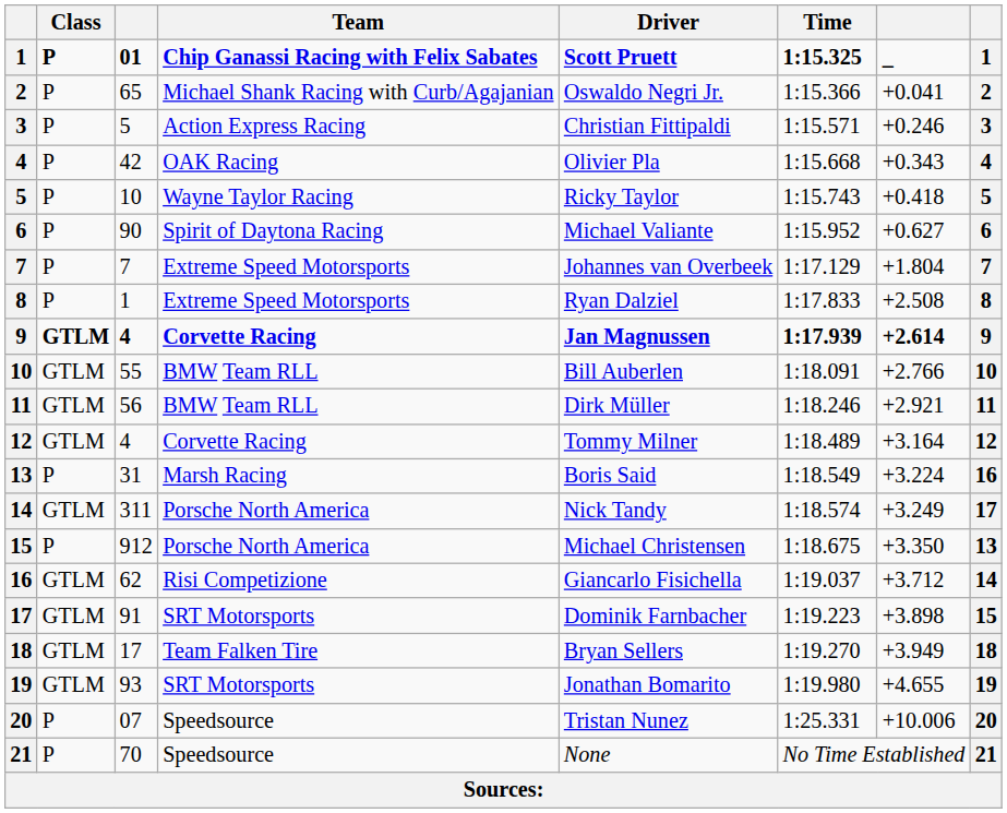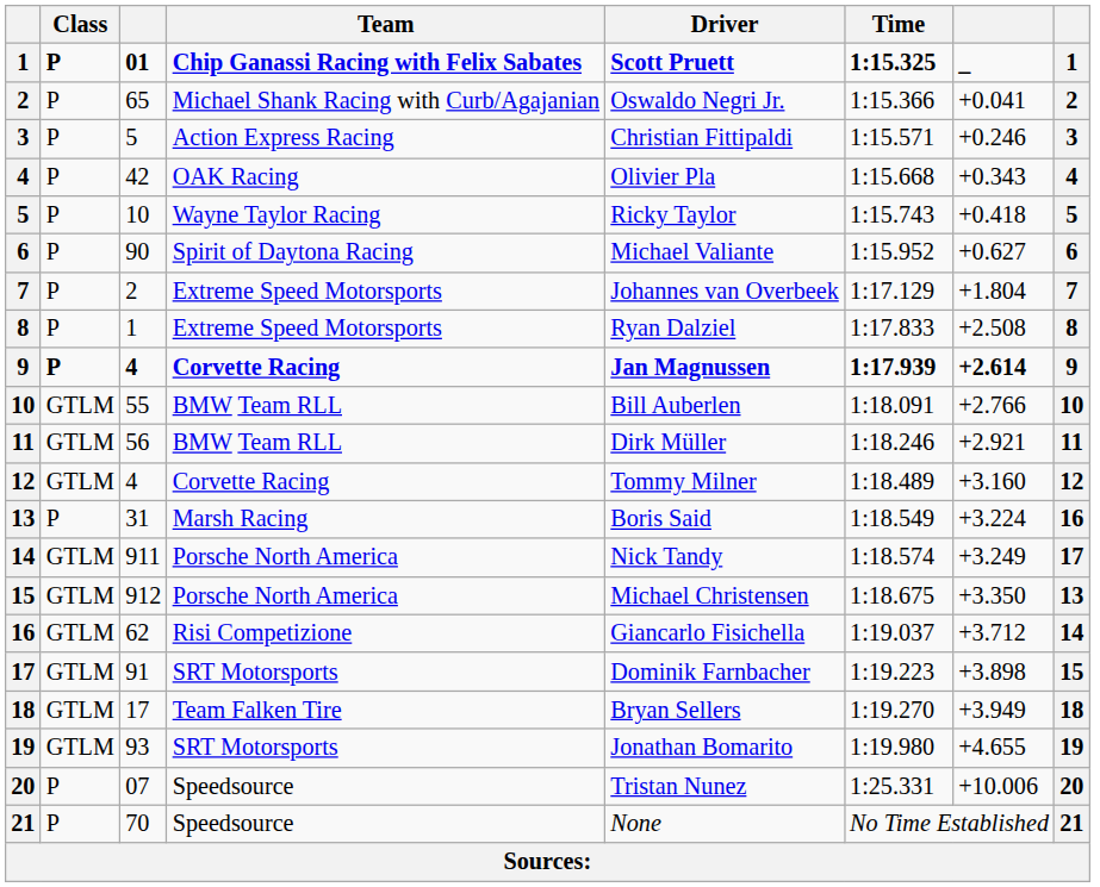 <table class="wikitable">
 <tr>
 <th scope="col"></th>
 <th scope="col">Class</th>
 <th scope="col"></th>
 <th scope="col">Team</th>
 <th>Driver</th>
 <th scope="col">Time</th>
 <th scope="col"></th>
 <th scope="col"></th>
 </tr>
 <tr>
 <th scope="row">1</th>
 <td><strong>P</strong></td>
 <td><strong>01</strong></td>
 <td><strong> <a href='#'>Chip Ganassi Racing with Felix Sabates</a></strong></td>
 <td><strong> <a href='#'>Scott Pruett</a></strong></td>
 <td><strong>1:15.325</strong></td>
 <td><strong>_</strong></td>
 <th><strong>1</strong></th>
 </tr>
 <tr>
 <th scope="row">2</th>
 <td>P</td>
 <td>65</td>
 <td> <a href='#'>Michael Shank Racing</a> with <a href='#'>Curb/Agajanian</a></td>
 <td> <a href='#'>Oswaldo Negri Jr.</a></td>
 <td>1:15.366</td>
 <td>+0.041</td>
 <th>2</th>
 </tr>
 <tr>
 <th scope="row">3</th>
 <td>P</td>
 <td>5</td>
 <td> <a href='#'>Action Express Racing</a></td>
 <td> <a href='#'>Christian Fittipaldi</a></td>
 <td>1:15.571</td>
 <td>+0.246</td>
 <th>3</th>
 </tr>
 <tr>
 <th scope="row">4</th>
 <td>P</td>
 <td>42</td>
 <td> <a href='#'>OAK Racing</a></td>
 <td> <a href='#'>Olivier Pla</a></td>
 <td>1:15.668</td>
 <td>+0.343</td>
 <th>4</th>
 </tr>
 <tr>
 <th scope="row">5</th>
 <td>P</td>
 <td>10</td>
 <td> <a href='#'>Wayne Taylor Racing</a></td>
 <td> <a href='#'>Ricky Taylor</a></td>
 <td>1:15.743</td>
 <td>+0.418</td>
 <th>5</th>
 </tr>
 <tr>
 <th scope="row">6</th>
 <td>P</td>
 <td>90</td>
 <td> <a href='#'>Spirit of Daytona Racing</a></td>
 <td> <a href='#'>Michael Valiante</a></td>
 <td>1:15.952</td>
 <td>+0.627</td>
 <th>6</th>
 </tr>
 <tr>
 <th scope="row">7</th>
 <td>P</td>
-<td>7</td>
+<td>2</td>
 <td> <a href='#'>Extreme Speed Motorsports</a></td>
 <td> <a href='#'>Johannes van Overbeek</a></td>
 <td>1:17.129</td>
 <td>+1.804</td>
 <th><strong>7</strong></th>
 </tr>
 <tr>
 <th scope="row">8</th>
 <td>P</td>
 <td>1</td>
 <td> <a href='#'>Extreme Speed Motorsports</a></td>
 <td> <a href='#'>Ryan Dalziel</a></td>
 <td>1:17.833</td>
 <td>+2.508</td>
 <th>8</th>
 </tr>
 <tr>
 <th scope="row">9</th>
-<td><strong>GTLM</strong></td>
+<td><strong>P</strong></td>
 <td><strong>4</strong></td>
 <td><strong> <a href='#'>Corvette Racing</a></strong></td>
 <td><strong> <a href='#'>Jan Magnussen</a></strong></td>
 <td><strong>1:17.939</strong></td>
 <td><strong>+2.614</strong></td>
 <th>9</th>
 </tr>
 <tr>
 <th scope="row">10</th>
 <td>GTLM</td>
 <td>55</td>
 <td> <a href='#'>BMW</a> <a href='#'>Team RLL</a></td>
 <td> <a href='#'>Bill Auberlen</a></td>
 <td>1:18.091</td>
 <td>+2.766</td>
 <th><strong>10</strong></th>
 </tr>
 <tr>
 <th scope="row">11</th>
 <td>GTLM</td>
 <td>56</td>
 <td> <a href='#'>BMW</a> <a href='#'>Team RLL</a></td>
 <td> <a href='#'>Dirk Müller</a></td>
 <td>1:18.246</td>
 <td>+2.921</td>
 <th>11</th>
 </tr>
 <tr>
 <th scope="row">12</th>
 <td>GTLM</td>
 <td>4</td>
 <td> <a href='#'>Corvette Racing</a></td>
 <td> <a href='#'>Tommy Milner</a></td>
 <td>1:18.489</td>
-<td>+3.164</td>
+<td>+3.160</td>
 <th>12</th>
 </tr>
 <tr>
 <th scope="row">13</th>
 <td>P</td>
 <td>31</td>
 <td> <a href='#'>Marsh Racing</a></td>
 <td> <a href='#'>Boris Said</a></td>
 <td>1:18.549</td>
 <td>+3.224</td>
 <th><strong>16</strong></th>
 </tr>
 <tr>
 <th scope="row">14</th>
 <td>GTLM</td>
-<td>311</td>
+<td>911</td>
 <td> <a href='#'>Porsche North America</a></td>
 <td> <a href='#'>Nick Tandy</a></td>
 <td>1:18.574</td>
 <td>+3.249</td>
 <th>17</th>
 </tr>
 <tr>
 <th scope="row">15</th>
-<td>P</td>
+<td>GTLM</td>
 <td>912</td>
 <td> <a href='#'>Porsche North America</a></td>
 <td> <a href='#'>Michael Christensen</a></td>
 <td>1:18.675</td>
 <td>+3.350</td>
 <th>13</th>
 </tr>
 <tr>
 <th scope="row">16</th>
 <td>GTLM</td>
 <td>62</td>
 <td> <a href='#'>Risi Competizione</a></td>
 <td> <a href='#'>Giancarlo Fisichella</a></td>
 <td>1:19.037</td>
 <td>+3.712</td>
 <th>14</th>
 </tr>
 <tr>
 <th scope="row">17</th>
 <td>GTLM</td>
 <td>91</td>
 <td> <a href='#'>SRT Motorsports</a></td>
 <td> <a href='#'>Dominik Farnbacher</a></td>
 <td>1:19.223</td>
 <td>+3.898</td>
 <th>15</th>
 </tr>
 <tr>
 <th scope="row">18</th>
 <td>GTLM</td>
 <td>17</td>
 <td> <a href='#'>Team Falken Tire</a></td>
 <td> <a href='#'>Bryan Sellers</a></td>
 <td>1:19.270</td>
 <td>+3.949</td>
 <th>18</th>
 </tr>
 <tr>
 <th scope="row">19</th>
 <td>GTLM</td>
 <td>93</td>
 <td> <a href='#'>SRT Motorsports</a></td>
 <td> <a href='#'>Jonathan Bomarito</a></td>
 <td>1:19.980</td>
 <td>+4.655</td>
 <th><strong>19</strong></th>
 </tr>
 <tr>
 <th scope="row">20</th>
 <td>P</td>
 <td>07</td>
 <td> Speedsource</td>
 <td> <a href='#'>Tristan Nunez</a></td>
 <td>1:25.331</td>
 <td>+10.006</td>
 <th>20</th>
 </tr>
 <tr>
 <th scope="row">21</th>
 <td>P</td>
 <td>70</td>
 <td> Speedsource</td>
 <td><em>None</em></td>
 <td colspan="2"><em>No Time Established</em></td>
 <th>21</th>
 </tr>
 <tr>
 <th colspan="8">Sources:</th>
 </tr>
 <tr>
 </tr>
 </table>
